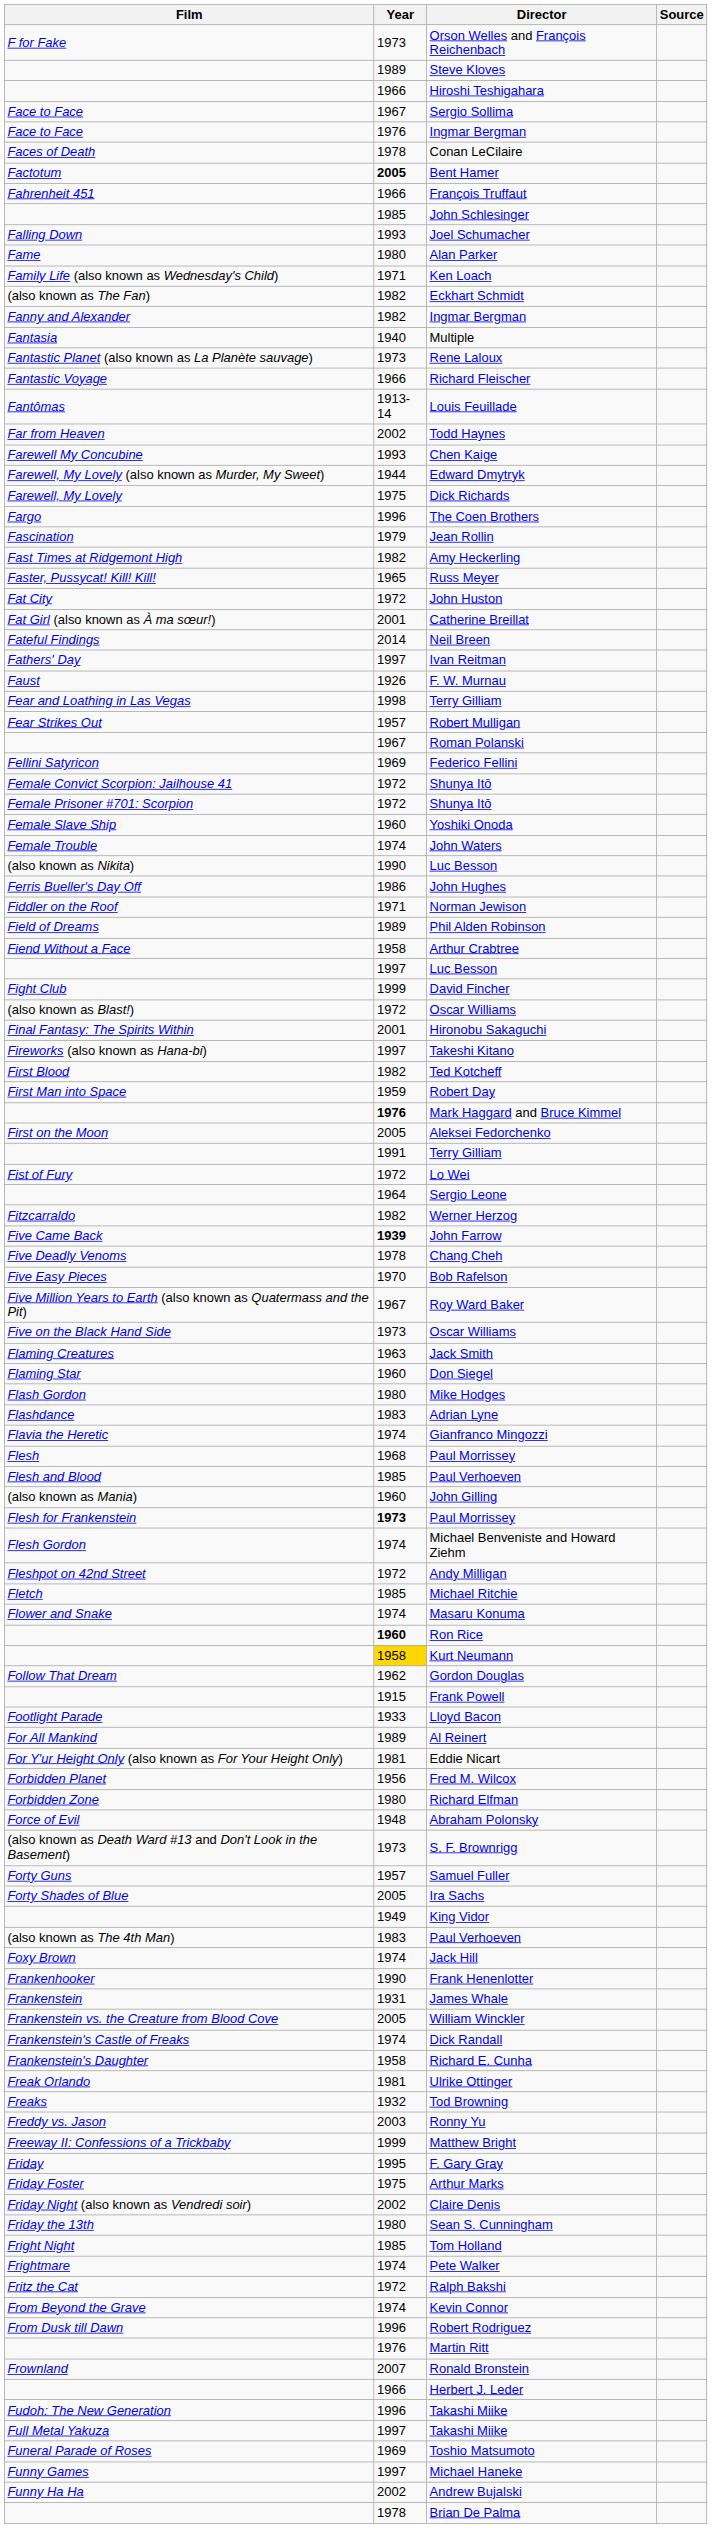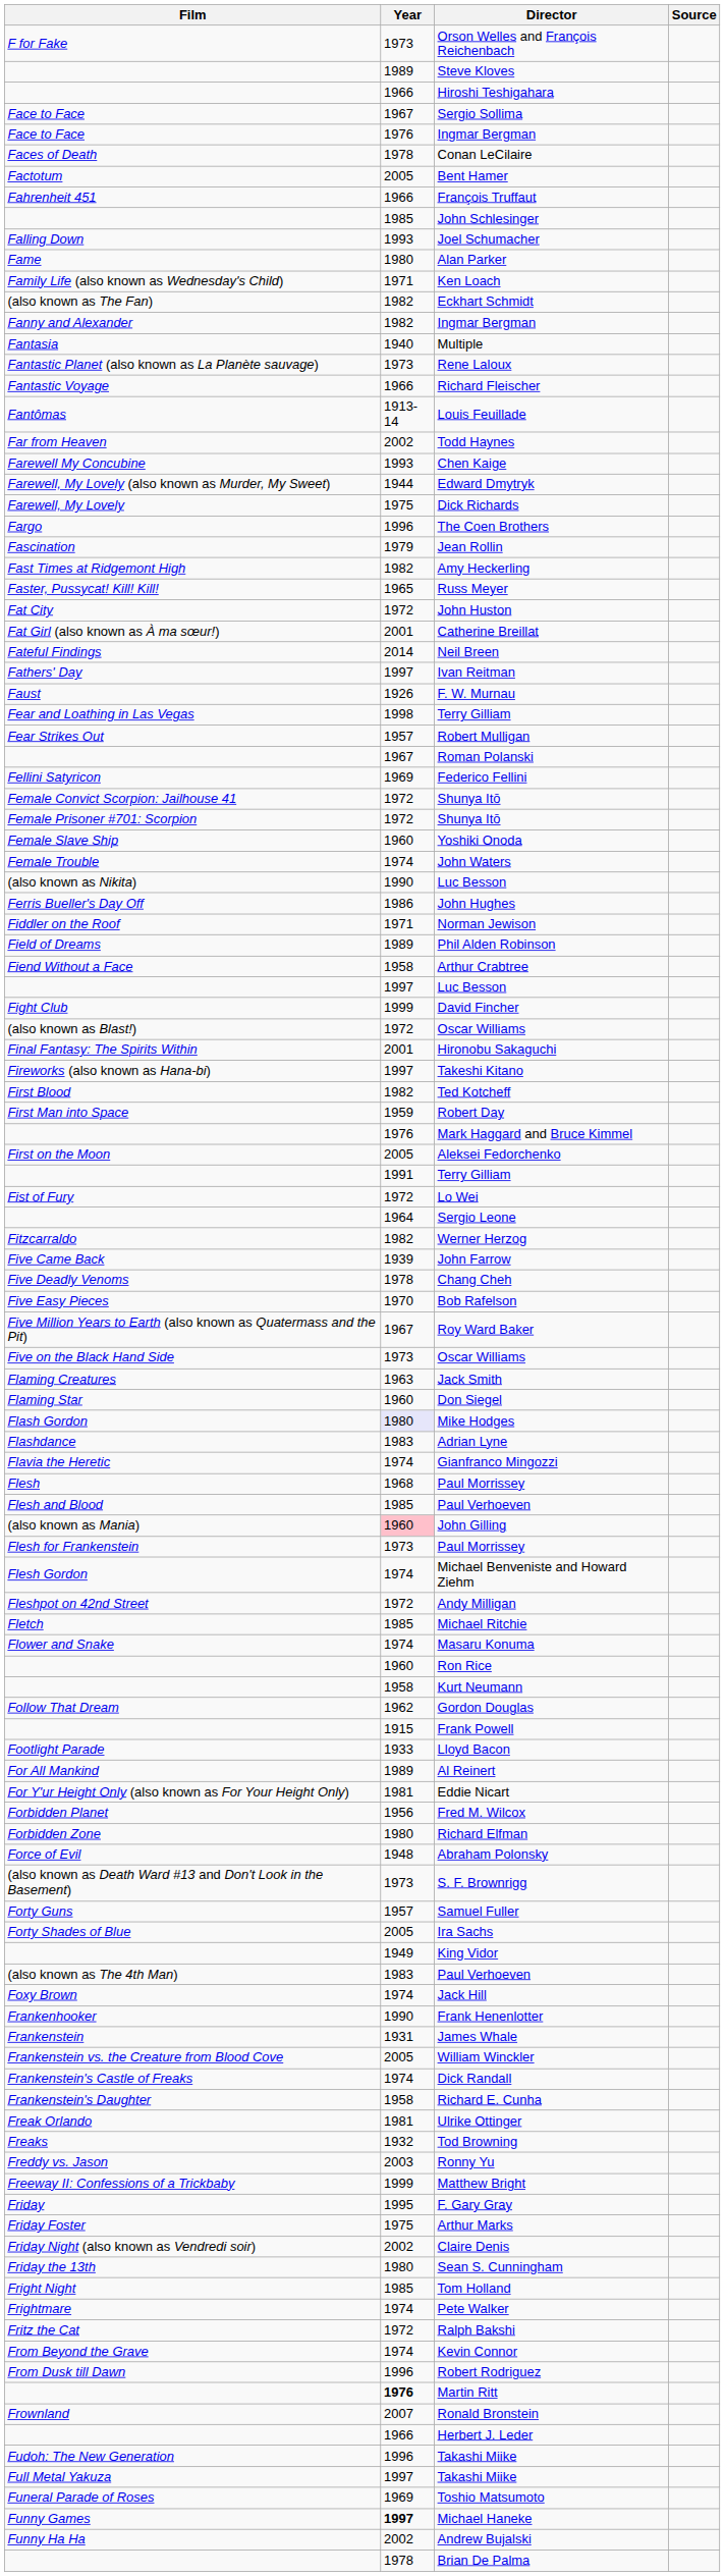 <table class="wikitable sortable">
 <tr>
 <th>Film</th>
 <th>Year</th>
 <th>Director</th>
 <th class="unsortable">Source</th>
 </tr>
 <tr>
 <td><em><a href='#'>F for Fake</a></em></td>
 <td>1973</td>
 <td><a href='#'>Orson Welles</a> and <a href='#'>François Reichenbach</a></td>
 <td></td>
 </tr>
 <tr>
 <td><em></em></td>
 <td>1989</td>
 <td><a href='#'>Steve Kloves</a></td>
 <td></td>
 </tr>
 <tr>
 <td><em></em></td>
 <td>1966</td>
 <td><a href='#'>Hiroshi Teshigahara</a></td>
 <td></td>
 </tr>
 <tr>
 <td><em><a href='#'>Face to Face</a></em></td>
 <td>1967</td>
 <td><a href='#'>Sergio Sollima</a></td>
 <td></td>
 </tr>
 <tr>
 <td><em><a href='#'>Face to Face</a></em></td>
 <td>1976</td>
 <td><a href='#'>Ingmar Bergman</a></td>
 <td></td>
 </tr>
 <tr>
 <td><em><a href='#'>Faces of Death</a></em></td>
 <td>1978</td>
 <td>Conan LeCilaire</td>
 <td></td>
 </tr>
 <tr>
 <td><em><a href='#'>Factotum</a></em></td>
-<td><strong>2005</strong></td>
+<td>2005</td>
 <td><a href='#'>Bent Hamer</a></td>
 <td></td>
 </tr>
 <tr>
 <td><em><a href='#'>Fahrenheit 451</a></em></td>
 <td>1966</td>
 <td><a href='#'>François Truffaut</a></td>
 <td></td>
 </tr>
 <tr>
 <td><em></em></td>
 <td>1985</td>
 <td><a href='#'>John Schlesinger</a></td>
 <td></td>
 </tr>
 <tr>
 <td><em><a href='#'>Falling Down</a></em></td>
 <td>1993</td>
 <td><a href='#'>Joel Schumacher</a></td>
 <td></td>
 </tr>
 <tr>
 <td><em><a href='#'>Fame</a></em></td>
 <td>1980</td>
 <td><a href='#'>Alan Parker</a></td>
 <td></td>
 </tr>
 <tr>
 <td><em><a href='#'>Family Life</a></em> (also known as <em>Wednesday's Child</em>)</td>
 <td>1971</td>
 <td><a href='#'>Ken Loach</a></td>
 <td></td>
 </tr>
 <tr>
 <td><em></em> (also known as <em>The Fan</em>)</td>
 <td>1982</td>
 <td><a href='#'>Eckhart Schmidt</a></td>
 <td></td>
 </tr>
 <tr>
 <td><em><a href='#'>Fanny and Alexander</a></em></td>
 <td>1982</td>
 <td><a href='#'>Ingmar Bergman</a></td>
 <td></td>
 </tr>
 <tr>
 <td><em><a href='#'>Fantasia</a></em></td>
 <td>1940</td>
 <td>Multiple</td>
 <td></td>
 </tr>
 <tr>
 <td><em><a href='#'>Fantastic Planet</a></em> (also known as <em>La Planète sauvage</em>)</td>
 <td>1973</td>
 <td><a href='#'>Rene Laloux</a></td>
 <td></td>
 </tr>
 <tr>
 <td><em><a href='#'>Fantastic Voyage</a></em></td>
 <td>1966</td>
 <td><a href='#'>Richard Fleischer</a></td>
 <td></td>
 </tr>
 <tr>
 <td><em><a href='#'>Fantômas</a></em></td>
 <td>1913-14</td>
 <td><a href='#'>Louis Feuillade</a></td>
 <td></td>
 </tr>
 <tr>
 <td><em><a href='#'>Far from Heaven</a></em></td>
 <td>2002</td>
 <td><a href='#'>Todd Haynes</a></td>
 <td></td>
 </tr>
 <tr>
 <td><em><a href='#'>Farewell My Concubine</a></em></td>
 <td>1993</td>
 <td><a href='#'>Chen Kaige</a></td>
 <td></td>
 </tr>
 <tr>
 <td><em><a href='#'>Farewell, My Lovely</a></em> (also known as <em>Murder, My Sweet</em>)</td>
 <td>1944</td>
 <td><a href='#'>Edward Dmytryk</a></td>
 <td></td>
 </tr>
 <tr>
 <td><em><a href='#'>Farewell, My Lovely</a></em></td>
 <td>1975</td>
 <td><a href='#'>Dick Richards</a></td>
 <td></td>
 </tr>
 <tr>
 <td><em><a href='#'>Fargo</a></em></td>
 <td>1996</td>
 <td><a href='#'>The Coen Brothers</a></td>
 <td></td>
 </tr>
 <tr>
 <td><em><a href='#'>Fascination</a></em></td>
 <td>1979</td>
 <td><a href='#'>Jean Rollin</a></td>
 <td></td>
 </tr>
 <tr>
 <td><em><a href='#'>Fast Times at Ridgemont High</a></em></td>
 <td>1982</td>
 <td><a href='#'>Amy Heckerling</a></td>
 <td></td>
 </tr>
 <tr>
 <td><em><a href='#'>Faster, Pussycat! Kill! Kill!</a></em></td>
 <td>1965</td>
 <td><a href='#'>Russ Meyer</a></td>
 <td></td>
 </tr>
 <tr>
 <td><em><a href='#'>Fat City</a></em></td>
 <td>1972</td>
 <td><a href='#'>John Huston</a></td>
 <td></td>
 </tr>
 <tr>
 <td><em><a href='#'>Fat Girl</a></em> (also known as <em>À ma sœur!</em>)</td>
 <td>2001</td>
 <td><a href='#'>Catherine Breillat</a></td>
 <td></td>
 </tr>
 <tr>
 <td><em><a href='#'>Fateful Findings</a></em></td>
 <td>2014</td>
 <td><a href='#'>Neil Breen</a></td>
 <td></td>
 </tr>
 <tr>
 <td><em><a href='#'>Fathers' Day</a></em></td>
 <td>1997</td>
 <td><a href='#'>Ivan Reitman</a></td>
 <td></td>
 </tr>
 <tr>
 <td><em><a href='#'>Faust</a></em></td>
 <td>1926</td>
 <td><a href='#'>F. W. Murnau</a></td>
 <td></td>
 </tr>
 <tr>
 <td><em><a href='#'>Fear and Loathing in Las Vegas</a></em></td>
 <td>1998</td>
 <td><a href='#'>Terry Gilliam</a></td>
 <td></td>
 </tr>
 <tr>
 <td><em><a href='#'>Fear Strikes Out</a></em></td>
 <td>1957</td>
 <td><a href='#'>Robert Mulligan</a></td>
 <td></td>
 </tr>
 <tr>
 <td><em></em></td>
 <td>1967</td>
 <td><a href='#'>Roman Polanski</a></td>
 <td></td>
 </tr>
 <tr>
 <td><em><a href='#'>Fellini Satyricon</a></em></td>
 <td>1969</td>
 <td><a href='#'>Federico Fellini</a></td>
 <td></td>
 </tr>
 <tr>
 <td><em><a href='#'>Female Convict Scorpion: Jailhouse 41</a></em></td>
 <td>1972</td>
 <td><a href='#'>Shunya Itō</a></td>
 <td></td>
 </tr>
 <tr>
 <td><em><a href='#'>Female Prisoner #701: Scorpion</a></em></td>
 <td>1972</td>
 <td><a href='#'>Shunya Itō</a></td>
 <td></td>
 </tr>
 <tr>
 <td><em><a href='#'>Female Slave Ship</a></em></td>
 <td>1960</td>
 <td><a href='#'>Yoshiki Onoda</a></td>
 <td></td>
 </tr>
 <tr>
 <td><em><a href='#'>Female Trouble</a></em></td>
 <td>1974</td>
 <td><a href='#'>John Waters</a></td>
 <td></td>
 </tr>
 <tr>
 <td><em></em> (also known as <em>Nikita</em>)</td>
 <td>1990</td>
 <td><a href='#'>Luc Besson</a></td>
 <td></td>
 </tr>
 <tr>
 <td><em><a href='#'>Ferris Bueller's Day Off</a></em></td>
 <td>1986</td>
 <td><a href='#'>John Hughes</a></td>
 <td></td>
 </tr>
 <tr>
 <td><em><a href='#'>Fiddler on the Roof</a></em></td>
 <td>1971</td>
 <td><a href='#'>Norman Jewison</a></td>
 <td></td>
 </tr>
 <tr>
 <td><em><a href='#'>Field of Dreams</a></em></td>
 <td>1989</td>
 <td><a href='#'>Phil Alden Robinson</a></td>
 <td></td>
 </tr>
 <tr>
 <td><em><a href='#'>Fiend Without a Face</a></em></td>
 <td>1958</td>
 <td><a href='#'>Arthur Crabtree</a></td>
 <td></td>
 </tr>
 <tr>
 <td><em></em></td>
 <td>1997</td>
 <td><a href='#'>Luc Besson</a></td>
 <td></td>
 </tr>
 <tr>
 <td><em><a href='#'>Fight Club</a></em></td>
 <td>1999</td>
 <td><a href='#'>David Fincher</a></td>
 <td></td>
 </tr>
 <tr>
 <td><em></em> (also known as <em>Blast!</em>)</td>
 <td>1972</td>
 <td><a href='#'>Oscar Williams</a></td>
 <td></td>
 </tr>
 <tr>
 <td><em><a href='#'>Final Fantasy: The Spirits Within</a></em></td>
 <td>2001</td>
 <td><a href='#'>Hironobu Sakaguchi</a></td>
 <td></td>
 </tr>
 <tr>
 <td><em><a href='#'>Fireworks</a></em> (also known as <em>Hana-bi</em>)</td>
 <td>1997</td>
 <td><a href='#'>Takeshi Kitano</a></td>
 <td></td>
 </tr>
 <tr>
 <td><em><a href='#'>First Blood</a></em></td>
 <td>1982</td>
 <td><a href='#'>Ted Kotcheff</a></td>
 <td></td>
 </tr>
 <tr>
 <td><em><a href='#'>First Man into Space</a></em></td>
 <td>1959</td>
 <td><a href='#'>Robert Day</a></td>
 <td></td>
 </tr>
 <tr>
 <td><em></em></td>
-<td><strong>1976</strong></td>
+<td>1976</td>
 <td><a href='#'>Mark Haggard</a> and <a href='#'>Bruce Kimmel</a></td>
 <td></td>
 </tr>
 <tr>
 <td><em><a href='#'>First on the Moon</a></em></td>
 <td>2005</td>
 <td><a href='#'>Aleksei Fedorchenko</a></td>
 <td></td>
 </tr>
 <tr>
 <td><em></em></td>
 <td>1991</td>
 <td><a href='#'>Terry Gilliam</a></td>
 <td></td>
 </tr>
 <tr>
 <td><em><a href='#'>Fist of Fury</a></em></td>
 <td>1972</td>
 <td><a href='#'>Lo Wei</a></td>
 <td></td>
 </tr>
 <tr>
 <td><em></em></td>
 <td>1964</td>
 <td><a href='#'>Sergio Leone</a></td>
 <td></td>
 </tr>
 <tr>
 <td><em><a href='#'>Fitzcarraldo</a></em></td>
 <td>1982</td>
 <td><a href='#'>Werner Herzog</a></td>
 <td></td>
 </tr>
 <tr>
 <td><em><a href='#'>Five Came Back</a></em></td>
-<td><strong>1939</strong></td>
+<td>1939</td>
 <td><a href='#'>John Farrow</a></td>
 <td></td>
 </tr>
 <tr>
 <td><em><a href='#'>Five Deadly Venoms</a></em></td>
 <td>1978</td>
 <td><a href='#'>Chang Cheh</a></td>
 <td></td>
 </tr>
 <tr>
 <td><em><a href='#'>Five Easy Pieces</a></em></td>
 <td>1970</td>
 <td><a href='#'>Bob Rafelson</a></td>
 <td></td>
 </tr>
 <tr>
 <td><em><a href='#'>Five Million Years to Earth</a></em> (also known as <em>Quatermass and the Pit</em>)</td>
 <td>1967</td>
 <td><a href='#'>Roy Ward Baker</a></td>
 <td></td>
 </tr>
 <tr>
 <td><em><a href='#'>Five on the Black Hand Side</a></em></td>
 <td>1973</td>
 <td><a href='#'>Oscar Williams</a></td>
 <td></td>
 </tr>
 <tr>
 <td><em><a href='#'>Flaming Creatures</a></em></td>
 <td>1963</td>
 <td><a href='#'>Jack Smith</a></td>
 <td></td>
 </tr>
 <tr>
 <td><em><a href='#'>Flaming Star</a></em></td>
 <td>1960</td>
 <td><a href='#'>Don Siegel</a></td>
 <td></td>
 </tr>
 <tr>
 <td><em><a href='#'>Flash Gordon</a></em></td>
-<td>1980</td>
+<td style="background: lavender;">1980</td>
 <td><a href='#'>Mike Hodges</a></td>
 <td></td>
 </tr>
 <tr>
 <td><em><a href='#'>Flashdance</a></em></td>
 <td>1983</td>
 <td><a href='#'>Adrian Lyne</a></td>
 <td></td>
 </tr>
 <tr>
 <td><em><a href='#'>Flavia the Heretic</a></em></td>
 <td>1974</td>
 <td><a href='#'>Gianfranco Mingozzi</a></td>
 <td></td>
 </tr>
 <tr>
 <td><em><a href='#'>Flesh</a></em></td>
 <td>1968</td>
 <td><a href='#'>Paul Morrissey</a></td>
 <td></td>
 </tr>
 <tr>
 <td><em><a href='#'>Flesh and Blood</a></em></td>
 <td>1985</td>
 <td><a href='#'>Paul Verhoeven</a></td>
 <td></td>
 </tr>
 <tr>
 <td><em></em> (also known as <em>Mania</em>)</td>
-<td>1960</td>
+<td style="background: pink;">1960</td>
 <td><a href='#'>John Gilling</a></td>
 <td></td>
 </tr>
 <tr>
 <td><em><a href='#'>Flesh for Frankenstein</a></em></td>
-<td><strong>1973</strong></td>
+<td>1973</td>
 <td><a href='#'>Paul Morrissey</a></td>
 <td></td>
 </tr>
 <tr>
 <td><em><a href='#'>Flesh Gordon</a></em></td>
 <td>1974</td>
 <td>Michael Benveniste and Howard Ziehm</td>
 <td></td>
 </tr>
 <tr>
 <td><em><a href='#'>Fleshpot on 42nd Street</a></em></td>
 <td>1972</td>
 <td><a href='#'>Andy Milligan</a></td>
 <td></td>
 </tr>
 <tr>
 <td><em><a href='#'>Fletch</a></em></td>
 <td>1985</td>
 <td><a href='#'>Michael Ritchie</a></td>
 <td></td>
 </tr>
 <tr>
 <td><em><a href='#'>Flower and Snake</a></em></td>
 <td>1974</td>
 <td><a href='#'>Masaru Konuma</a></td>
 <td></td>
 </tr>
 <tr>
 <td><em></em></td>
-<td><strong>1960</strong></td>
+<td>1960</td>
 <td><a href='#'>Ron Rice</a></td>
 <td></td>
 </tr>
 <tr>
 <td><em></em></td>
-<td style="background: gold;">1958</td>
+<td>1958</td>
 <td><a href='#'>Kurt Neumann</a></td>
 <td></td>
 </tr>
 <tr>
 <td><em><a href='#'>Follow That Dream</a></em></td>
 <td>1962</td>
 <td><a href='#'>Gordon Douglas</a></td>
 <td></td>
 </tr>
 <tr>
 <td><em></em></td>
 <td>1915</td>
 <td><a href='#'>Frank Powell</a></td>
 <td></td>
 </tr>
 <tr>
 <td><em><a href='#'>Footlight Parade</a></em></td>
 <td>1933</td>
 <td><a href='#'>Lloyd Bacon</a></td>
 <td></td>
 </tr>
 <tr>
 <td><em><a href='#'>For All Mankind</a></em></td>
 <td>1989</td>
 <td><a href='#'>Al Reinert</a></td>
 <td></td>
 </tr>
 <tr>
 <td><em><a href='#'>For Y'ur Height Only</a></em> (also known as <em>For Your Height Only</em>)</td>
 <td>1981</td>
 <td>Eddie Nicart</td>
 <td></td>
 </tr>
 <tr>
 <td><em><a href='#'>Forbidden Planet</a></em></td>
 <td>1956</td>
 <td><a href='#'>Fred M. Wilcox</a></td>
 <td></td>
 </tr>
 <tr>
 <td><em><a href='#'>Forbidden Zone</a></em></td>
 <td>1980</td>
 <td><a href='#'>Richard Elfman</a></td>
 <td></td>
 </tr>
 <tr>
 <td><em><a href='#'>Force of Evil</a></em></td>
 <td>1948</td>
 <td><a href='#'>Abraham Polonsky</a></td>
 <td></td>
 </tr>
 <tr>
 <td><em></em> (also known as <em>Death Ward #13</em> and <em>Don't Look in the Basement</em>)</td>
 <td>1973</td>
 <td><a href='#'>S. F. Brownrigg</a></td>
 <td></td>
 </tr>
 <tr>
 <td><em><a href='#'>Forty Guns</a></em></td>
 <td>1957</td>
 <td><a href='#'>Samuel Fuller</a></td>
 <td></td>
 </tr>
 <tr>
 <td><em><a href='#'>Forty Shades of Blue</a></em></td>
 <td>2005</td>
 <td><a href='#'>Ira Sachs</a></td>
 <td></td>
 </tr>
 <tr>
 <td><em></em></td>
 <td>1949</td>
 <td><a href='#'>King Vidor</a></td>
 <td></td>
 </tr>
 <tr>
 <td><em></em> (also known as <em>The 4th Man</em>)</td>
 <td>1983</td>
 <td><a href='#'>Paul Verhoeven</a></td>
 <td></td>
 </tr>
 <tr>
 <td><em><a href='#'>Foxy Brown</a></em></td>
 <td>1974</td>
 <td><a href='#'>Jack Hill</a></td>
 <td></td>
 </tr>
 <tr>
 <td><em><a href='#'>Frankenhooker</a></em></td>
 <td>1990</td>
 <td><a href='#'>Frank Henenlotter</a></td>
 <td></td>
 </tr>
 <tr>
 <td><em><a href='#'>Frankenstein</a></em></td>
 <td>1931</td>
 <td><a href='#'>James Whale</a></td>
 <td></td>
 </tr>
 <tr>
 <td><em><a href='#'>Frankenstein vs. the Creature from Blood Cove</a></em></td>
 <td>2005</td>
 <td><a href='#'>William Winckler</a></td>
 <td></td>
 </tr>
 <tr>
 <td><em><a href='#'>Frankenstein's Castle of Freaks</a></em></td>
 <td>1974</td>
 <td><a href='#'>Dick Randall</a></td>
 <td></td>
 </tr>
 <tr>
 <td><em><a href='#'>Frankenstein's Daughter</a></em></td>
 <td>1958</td>
 <td><a href='#'>Richard E. Cunha</a></td>
 <td></td>
 </tr>
 <tr>
 <td><em><a href='#'>Freak Orlando</a></em></td>
 <td>1981</td>
 <td><a href='#'>Ulrike Ottinger</a></td>
 <td></td>
 </tr>
 <tr>
 <td><em><a href='#'>Freaks</a></em></td>
 <td>1932</td>
 <td><a href='#'>Tod Browning</a></td>
 <td></td>
 </tr>
 <tr>
 <td><em><a href='#'>Freddy vs. Jason</a></em></td>
 <td>2003</td>
 <td><a href='#'>Ronny Yu</a></td>
 <td></td>
 </tr>
 <tr>
 <td><em><a href='#'>Freeway II: Confessions of a Trickbaby</a></em></td>
 <td>1999</td>
 <td><a href='#'>Matthew Bright</a></td>
 <td></td>
 </tr>
 <tr>
 <td><em><a href='#'>Friday</a></em></td>
 <td>1995</td>
 <td><a href='#'>F. Gary Gray</a></td>
 <td></td>
 </tr>
 <tr>
 <td><em><a href='#'>Friday Foster</a></em></td>
 <td>1975</td>
 <td><a href='#'>Arthur Marks</a></td>
 <td></td>
 </tr>
 <tr>
 <td><em><a href='#'>Friday Night</a></em> (also known as <em>Vendredi soir</em>)</td>
 <td>2002</td>
 <td><a href='#'>Claire Denis</a></td>
 <td></td>
 </tr>
 <tr>
 <td><em><a href='#'>Friday the 13th</a></em></td>
 <td>1980</td>
 <td><a href='#'>Sean S. Cunningham</a></td>
 <td></td>
 </tr>
 <tr>
 <td><em><a href='#'>Fright Night</a></em></td>
 <td>1985</td>
 <td><a href='#'>Tom Holland</a></td>
 <td></td>
 </tr>
 <tr>
 <td><em><a href='#'>Frightmare</a></em></td>
 <td>1974</td>
 <td><a href='#'>Pete Walker</a></td>
 <td></td>
 </tr>
 <tr>
 <td><em><a href='#'>Fritz the Cat</a></em></td>
 <td>1972</td>
 <td><a href='#'>Ralph Bakshi</a></td>
 <td></td>
 </tr>
 <tr>
 <td><em><a href='#'>From Beyond the Grave</a></em></td>
 <td>1974</td>
 <td><a href='#'>Kevin Connor</a></td>
 <td></td>
 </tr>
 <tr>
 <td><em><a href='#'>From Dusk till Dawn</a></em></td>
 <td>1996</td>
 <td><a href='#'>Robert Rodriguez</a></td>
 <td></td>
 </tr>
 <tr>
 <td><em></em></td>
-<td>1976</td>
+<td><strong>1976</strong></td>
 <td><a href='#'>Martin Ritt</a></td>
 <td></td>
 </tr>
 <tr>
 <td><em><a href='#'>Frownland</a></em></td>
 <td>2007</td>
 <td><a href='#'>Ronald Bronstein</a></td>
 <td></td>
 </tr>
 <tr>
 <td><em></em></td>
 <td>1966</td>
 <td><a href='#'>Herbert J. Leder</a></td>
 <td></td>
 </tr>
 <tr>
 <td><em><a href='#'>Fudoh: The New Generation</a></em></td>
 <td>1996</td>
 <td><a href='#'>Takashi Miike</a></td>
 <td></td>
 </tr>
 <tr>
 <td><em><a href='#'>Full Metal Yakuza</a></em></td>
 <td>1997</td>
 <td><a href='#'>Takashi Miike</a></td>
 <td></td>
 </tr>
 <tr>
 <td><em><a href='#'>Funeral Parade of Roses</a></em></td>
 <td>1969</td>
 <td><a href='#'>Toshio Matsumoto</a></td>
 <td></td>
 </tr>
 <tr>
 <td><em><a href='#'>Funny Games</a></em></td>
-<td>1997</td>
+<td><strong>1997</strong></td>
 <td><a href='#'>Michael Haneke</a></td>
 <td></td>
 </tr>
 <tr>
 <td><em><a href='#'>Funny Ha Ha</a></em></td>
 <td>2002</td>
 <td><a href='#'>Andrew Bujalski</a></td>
 <td></td>
 </tr>
 <tr>
 <td><em></em></td>
 <td>1978</td>
 <td><a href='#'>Brian De Palma</a></td>
 <td></td>
 </tr>
 </table>
